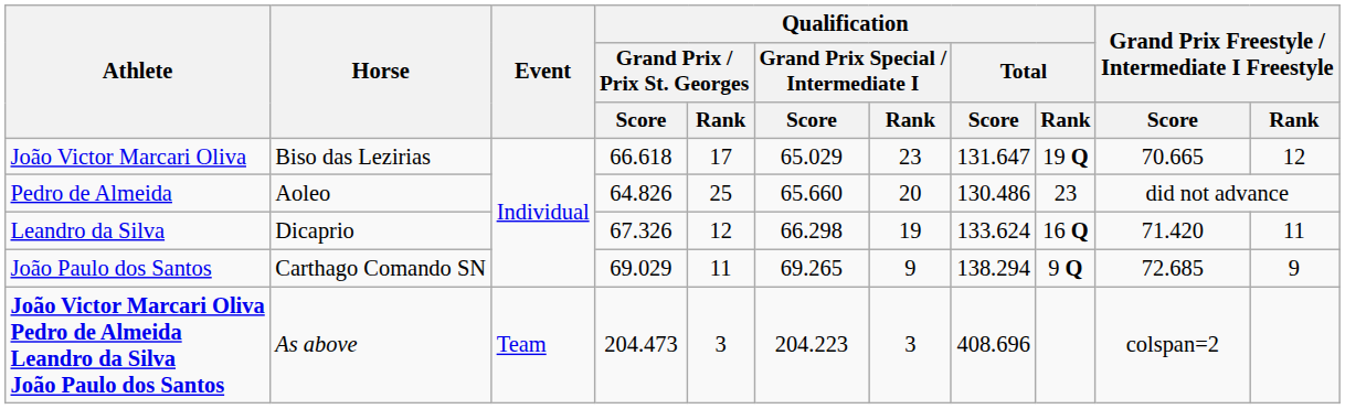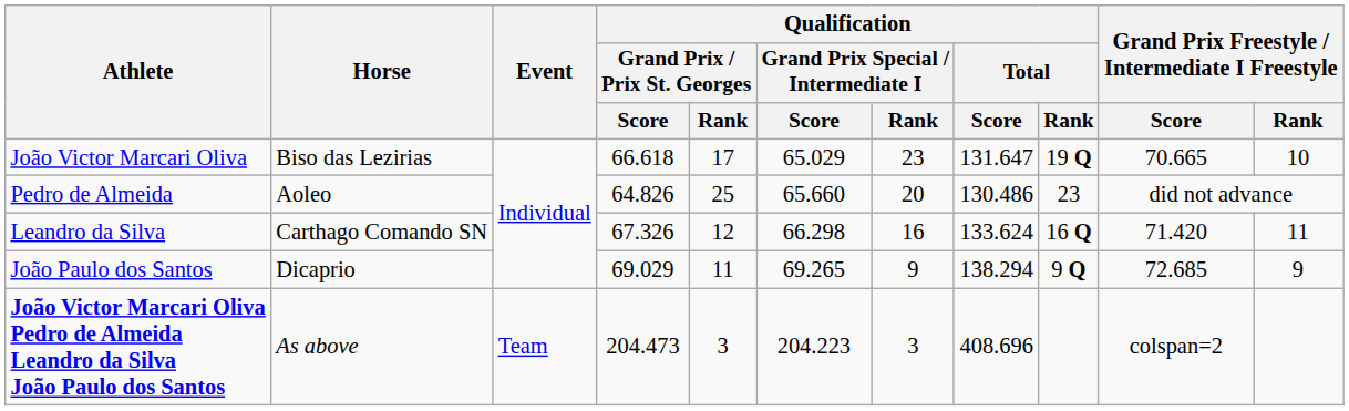 <table class=wikitable style=font-size:90%;text-align:center>
 <tr>
 <th rowspan=3>Athlete</th>
 <th rowspan=3>Horse</th>
 <th rowspan=3>Event</th>
 <th colspan=6>Qualification</th>
 <th colspan=2 rowspan=2>Grand Prix Freestyle /<br>Intermediate I Freestyle</th>
 </tr>
 <tr style=font-size:95%>
 <th colspan=2>Grand Prix /<br>Prix St. Georges</th>
 <th colspan=2>Grand Prix Special /<br>Intermediate I</th>
 <th colspan=2>Total</th>
 </tr>
 <tr style=font-size:95%>
 <th>Score</th>
 <th>Rank</th>
 <th>Score</th>
 <th>Rank</th>
 <th>Score</th>
 <th>Rank</th>
 <th>Score</th>
 <th>Rank</th>
 </tr>
 <tr>
 <td align=left><a href='#'>João Victor Marcari Oliva</a></td>
 <td align=left>Biso das Lezirias</td>
 <td align=left rowspan=4><a href='#'>Individual</a></td>
 <td>66.618</td>
 <td>17</td>
 <td>65.029</td>
 <td>23</td>
 <td>131.647</td>
 <td>19 <strong>Q</strong></td>
 <td>70.665</td>
-<td>12</td>
+<td>10</td>
 </tr>
 <tr>
 <td align=left><a href='#'>Pedro de Almeida</a></td>
 <td align=left>Aoleo</td>
 <td>64.826</td>
 <td>25</td>
 <td>65.660</td>
 <td>20</td>
 <td>130.486</td>
 <td>23</td>
 <td colspan=2>did not advance</td>
 </tr>
 <tr>
 <td align=left><a href='#'>Leandro da Silva</a></td>
-<td align=left>Dicaprio</td>
+<td align=left>Carthago Comando SN</td>
 <td>67.326</td>
 <td>12</td>
 <td>66.298</td>
-<td>19</td>
+<td>16</td>
 <td>133.624</td>
 <td>16 <strong>Q</strong></td>
 <td>71.420</td>
 <td>11</td>
 </tr>
 <tr>
 <td align=left><a href='#'>João Paulo dos Santos</a></td>
-<td align=left>Carthago Comando SN</td>
+<td align=left>Dicaprio</td>
 <td>69.029</td>
 <td>11</td>
 <td>69.265</td>
 <td>9</td>
 <td>138.294</td>
 <td>9 <strong>Q</strong></td>
 <td>72.685</td>
 <td>9</td>
 </tr>
 <tr>
 <td align=left><strong><a href='#'>João Victor Marcari Oliva</a></strong><br><strong><a href='#'>Pedro de Almeida</a></strong><br><strong><a href='#'>Leandro da Silva</a></strong><br><strong><a href='#'>João Paulo dos Santos</a></strong></td>
 <td align=left><em>As above</em></td>
 <td align=left><a href='#'>Team</a></td>
 <td>204.473</td>
 <td>3</td>
 <td>204.223</td>
 <td>3</td>
 <td>408.696</td>
 <td></td>
 <td>colspan=2 </td>
 </tr>
 </table>
